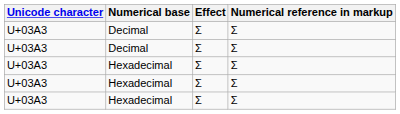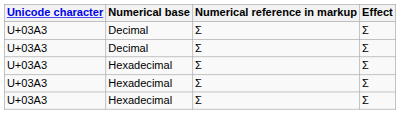 <table class="wikitable">
 <tr>
 <th><a href='#'>Unicode character</a></th>
 <th>Numerical base</th>
+<th>Numerical reference in markup</th>
 <th>Effect</th>
-<th>Numerical reference in markup</th>
 </tr>
 <tr>
 <td>U+03A3</td>
 <td>Decimal</td>
+<td>&#931;</td>
 <td>Σ</td>
-<td>&#931;</td>
 </tr>
 <tr>
 <td>U+03A3</td>
 <td>Decimal</td>
+<td>&#0931;</td>
 <td>Σ</td>
-<td>&#0931;</td>
 </tr>
 <tr>
 <td>U+03A3</td>
 <td>Hexadecimal</td>
+<td>&#x3A3;</td>
 <td>Σ</td>
-<td>&#x3A3;</td>
 </tr>
 <tr>
 <td>U+03A3</td>
 <td>Hexadecimal</td>
+<td>&#x03A3;</td>
 <td>Σ</td>
-<td>&#x03A3;</td>
 </tr>
 <tr>
 <td>U+03A3</td>
 <td>Hexadecimal</td>
+<td>&#x3a3;</td>
 <td>Σ</td>
-<td>&#x3a3;</td>
 </tr>
 </table>
